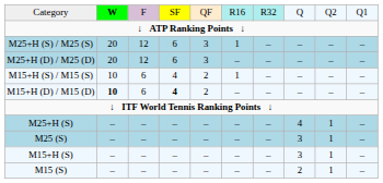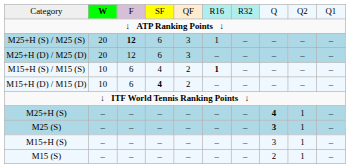 <table class="wikitable" style="font-size:90%">
 <tr align=center>
 <td style="background:#efefef;">Category</td>
 <td style="width:40px; background:lime;"><strong>W</strong></td>
 <td style="width:40px; background:thistle;">F</td>
 <td style="width:40px; background:#ff0;">SF</td>
 <td style="width:40px; background:#ffebcd;">QF</td>
 <td style="width:40px; background:#afeeee;">R16</td>
 <td style="width:40px; background:#afeeee;">R32</td>
 <td style="width:40px; background:#f0f8ff;">Q</td>
 <td style="width:40px; background:#f0f8ff;">Q2</td>
 <td style="width:40px; background:#f0f8ff;">Q1</td>
 </tr>
 <tr>
 <td colspan="11" align="center">↓   <strong>ATP Ranking Points</strong>   ↓</td>
 </tr>
 <tr style="text-align:center; background:lightblue;">
 <td>M25+H (S) / M25 (S)</td>
 <td>20</td>
-<td>12</td>
+<td><strong>12</strong></td>
 <td>6</td>
 <td>3</td>
 <td>1</td>
 <td>–</td>
 <td>–</td>
 <td>–</td>
 <td>–</td>
 </tr>
 <tr style="text-align:center; background:lightblue;">
 <td>M25+H (D) / M25 (D)</td>
 <td>20</td>
 <td>12</td>
 <td>6</td>
 <td>3</td>
 <td>–</td>
 <td>–</td>
 <td>–</td>
 <td>–</td>
 <td>–</td>
 </tr>
 <tr style="text-align:center; background:#f0f8ff;">
 <td>M15+H (S) / M15 (S)</td>
 <td>10</td>
 <td>6</td>
 <td>4</td>
 <td>2</td>
-<td>1</td>
+<td><strong>1</strong></td>
 <td>–</td>
 <td>–</td>
 <td>–</td>
 <td>–</td>
 </tr>
 <tr style="text-align:center; background:#f0f8ff;">
 <td>M15+H (D) / M15 (D)</td>
-<td><strong>10</strong></td>
+<td>10</td>
 <td>6</td>
 <td><strong>4</strong></td>
 <td>2</td>
 <td>–</td>
 <td>–</td>
 <td>–</td>
 <td>–</td>
 <td>–</td>
 </tr>
 <tr>
 <td colspan="11" align="center">↓   <strong>ITF World Tennis Ranking Points</strong>   ↓</td>
 </tr>
 <tr style="text-align:center; background:lightblue;">
 <td>M25+H (S)</td>
 <td>–</td>
 <td>–</td>
 <td>–</td>
 <td>–</td>
 <td>–</td>
 <td>–</td>
-<td>4</td>
+<td><strong>4</strong></td>
 <td>1</td>
 <td>–</td>
 </tr>
 <tr style="text-align:center; background:lightblue;">
 <td>M25 (S)</td>
 <td>–</td>
 <td>–</td>
 <td>–</td>
 <td>–</td>
 <td>–</td>
 <td>–</td>
-<td>3</td>
+<td><strong>3</strong></td>
 <td>1</td>
 <td>–</td>
 </tr>
 <tr style="text-align:center; background:#f0f8ff;">
 <td>M15+H (S)</td>
 <td>–</td>
 <td>–</td>
 <td>–</td>
 <td>–</td>
 <td>–</td>
 <td>–</td>
 <td>3</td>
 <td>1</td>
 <td>–</td>
 </tr>
 <tr style="text-align:center; background:#f0f8ff;">
 <td>M15 (S)</td>
 <td>–</td>
 <td>–</td>
 <td>–</td>
 <td>–</td>
 <td>–</td>
 <td>–</td>
 <td>2</td>
 <td>1</td>
 <td>–</td>
 </tr>
 </table>
